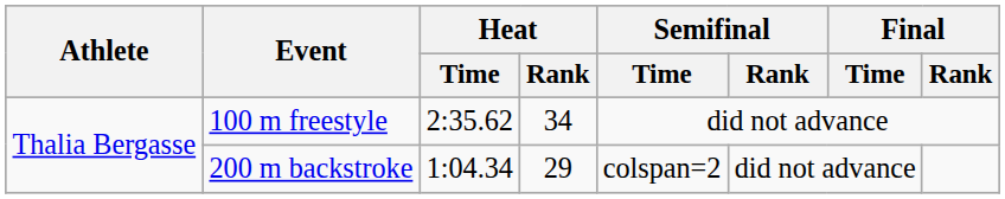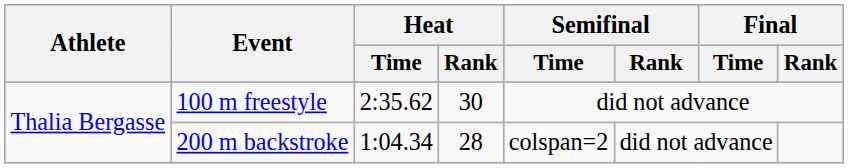 <table class=wikitable style="font-size:90%">
 <tr>
 <th rowspan=2>Athlete</th>
 <th rowspan=2>Event</th>
 <th colspan="2">Heat</th>
 <th colspan="2">Semifinal</th>
 <th colspan="2">Final</th>
 </tr>
 <tr style="font-size:95%">
 <th>Time</th>
 <th>Rank</th>
 <th>Time</th>
 <th>Rank</th>
 <th>Time</th>
 <th>Rank</th>
 </tr>
 <tr align=center>
 <td align=left rowspan=2><a href='#'>Thalia Bergasse</a></td>
 <td align=left><a href='#'>100 m freestyle</a></td>
 <td>2:35.62</td>
-<td>34</td>
+<td>30</td>
 <td colspan=4>did not advance</td>
 </tr>
 <tr align=center>
 <td align=left><a href='#'>200 m backstroke</a></td>
 <td>1:04.34</td>
-<td>29</td>
+<td>28</td>
 <td>colspan=2 </td>
 <td colspan=2>did not advance</td>
 </tr>
 </table>
